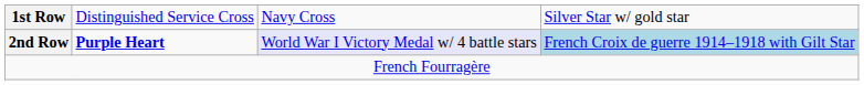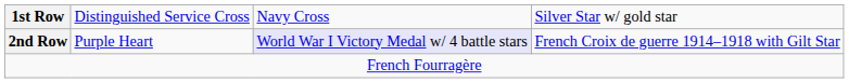 <table class="wikitable">
 <tr>
 <th>1st Row</th>
 <td><a href='#'>Distinguished Service Cross</a></td>
 <td><a href='#'>Navy Cross</a></td>
 <td><a href='#'>Silver Star</a> w/ gold star</td>
 </tr>
 <tr>
 <th>2nd Row</th>
-<td><strong><a href='#'>Purple Heart</a></strong></td>
+<td><a href='#'>Purple Heart</a></td>
 <td style="background: lavender;"><a href='#'>World War I Victory Medal</a> w/ 4 battle stars</td>
-<td style="background: lightblue;"><a href='#'>French Croix de guerre 1914–1918 with Gilt Star</a></td>
+<td><a href='#'>French Croix de guerre 1914–1918 with Gilt Star</a></td>
 </tr>
 <tr>
 <td colspan="12" align="center"><a href='#'>French Fourragère</a></td>
 </tr>
 </table>
